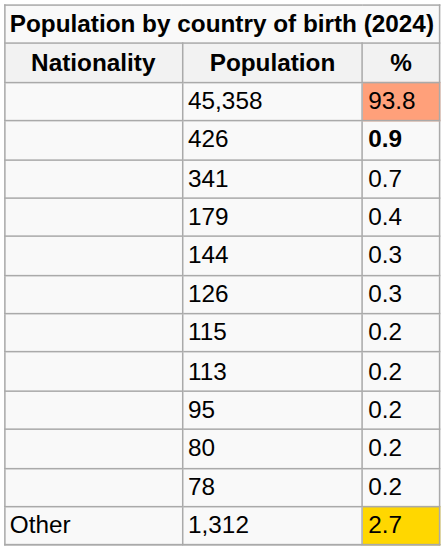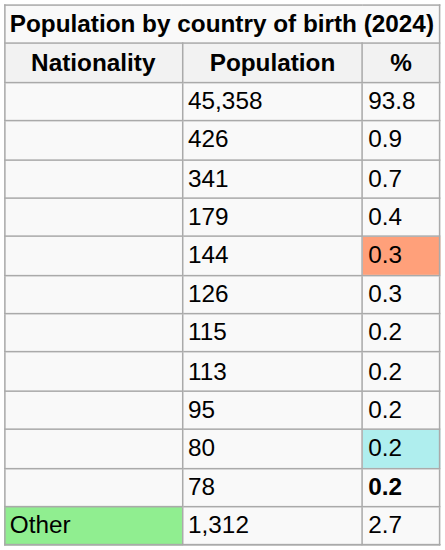 <table class="wikitable" style="float:right;">
 <tr>
 <td colspan="3"><strong>Population by country of birth (2024)</strong></td>
 </tr>
 <tr \>
 <th>Nationality</th>
 <th>Population</th>
 <th>%</th>
 </tr>
 <tr>
 <td></td>
 <td>45,358</td>
-<td style="background: lightsalmon;">93.8</td>
+<td>93.8</td>
 </tr>
 <tr>
 <td></td>
 <td>426</td>
-<td><strong>0.9</strong></td>
+<td>0.9</td>
 </tr>
 <tr>
 <td></td>
 <td>341</td>
 <td>0.7</td>
 </tr>
 <tr>
 <td></td>
 <td>179</td>
 <td>0.4</td>
 </tr>
 <tr>
 <td></td>
 <td>144</td>
-<td>0.3</td>
+<td style="background: lightsalmon;">0.3</td>
 </tr>
 <tr>
 <td></td>
 <td>126</td>
 <td>0.3</td>
 </tr>
 <tr>
 <td></td>
 <td>115</td>
 <td>0.2</td>
 </tr>
 <tr>
 <td></td>
 <td>113</td>
 <td>0.2</td>
 </tr>
 <tr>
 <td></td>
 <td>95</td>
 <td>0.2</td>
 </tr>
 <tr>
 <td></td>
 <td>80</td>
-<td>0.2</td>
+<td style="background: paleturquoise;">0.2</td>
 </tr>
 <tr>
 <td></td>
 <td>78</td>
-<td>0.2</td>
+<td><strong>0.2</strong></td>
 </tr>
 <tr>
-<td>Other</td>
+<td style="background: lightgreen;">Other</td>
 <td>1,312</td>
-<td style="background: gold;">2.7</td>
+<td>2.7</td>
 </tr>
 <tr>
 </tr>
 </table>
